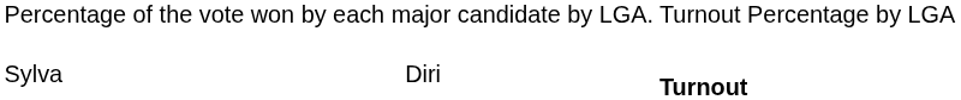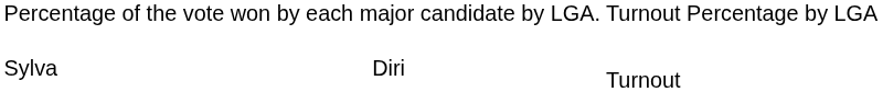 <table align=center>
 <tr>
 <td colspan=2>Percentage of the vote won by each major candidate by LGA.</td>
 <td width=220px>Turnout Percentage by LGA</td>
 </tr>
 <tr>
 <td><br>Sylva<br> <br> </td>
 <td><br>Diri<br>  <br> </td>
-<td><strong><br>Turnout<br> </strong></td>
+<td><br>Turnout<br> </td>
 </tr>
 </table>
